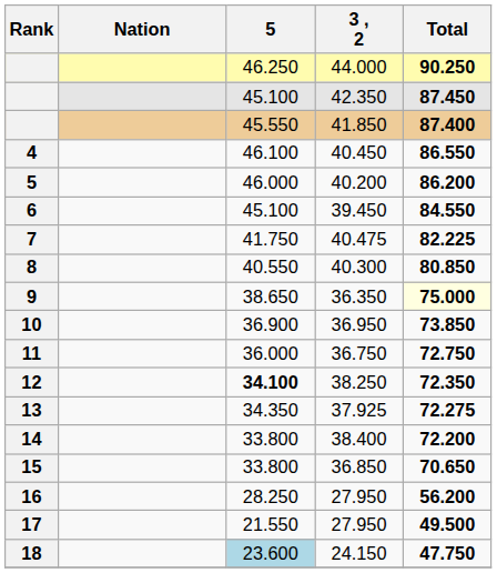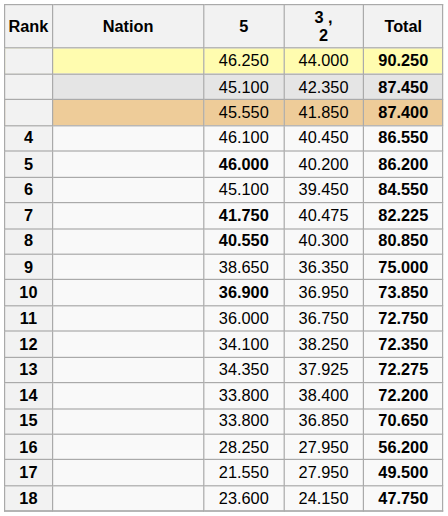 <table class="wikitable sortable" style="text-align:center; font-size:85%">
 <tr>
 <th scope="col" style="width:20px;">Rank</th>
 <th ! scope="col" style="width:120px;">Nation</th>
 <th ! scope="col" style="width:60px;" !>5 </th>
 <th ! scope="col" style="width:60px;">3 ,<br>2 </th>
 <th ! scope="col" style="width:60px;">Total</th>
 </tr>
 <tr bgcolor=fffcaf>
 <th scope=row></th>
 <td align=left></td>
 <td>46.250</td>
 <td>44.000</td>
 <td><strong>90.250</strong></td>
 </tr>
 <tr bgcolor=e5e5e5>
 <th scope=row></th>
 <td align=left></td>
 <td>45.100</td>
 <td>42.350</td>
 <td><strong>87.450</strong></td>
 </tr>
 <tr bgcolor=eecc99>
 <th scope=row></th>
 <td align=left></td>
 <td>45.550</td>
 <td>41.850</td>
 <td><strong>87.400</strong></td>
 </tr>
 <tr>
 <th scope=row>4</th>
 <td align=left></td>
 <td>46.100</td>
 <td>40.450</td>
 <td><strong>86.550</strong></td>
 </tr>
 <tr>
 <th scope=row>5</th>
 <td align=left></td>
-<td>46.000</td>
+<td><strong>46.000</strong></td>
 <td>40.200</td>
 <td><strong>86.200</strong></td>
 </tr>
 <tr>
 <th scope=row>6</th>
 <td align=left></td>
 <td>45.100</td>
 <td>39.450</td>
 <td><strong>84.550</strong></td>
 </tr>
 <tr>
 <th scope=row>7</th>
 <td align=left></td>
-<td>41.750</td>
+<td><strong>41.750</strong></td>
 <td>40.475</td>
 <td><strong>82.225</strong></td>
 </tr>
 <tr>
 <th scope=row>8</th>
 <td align=left></td>
-<td>40.550</td>
+<td><strong>40.550</strong></td>
 <td>40.300</td>
 <td><strong>80.850</strong></td>
 </tr>
 <tr>
 <th scope=row>9</th>
 <td align=left></td>
 <td>38.650</td>
 <td>36.350</td>
-<td style="background: lightyellow;"><strong>75.000</strong></td>
+<td><strong>75.000</strong></td>
 </tr>
 <tr>
 <th scope=row>10</th>
 <td align=left></td>
-<td>36.900</td>
+<td><strong>36.900</strong></td>
 <td>36.950</td>
 <td><strong>73.850</strong></td>
 </tr>
 <tr>
 <th scope=row>11</th>
 <td align=left></td>
 <td>36.000</td>
 <td>36.750</td>
 <td><strong>72.750</strong></td>
 </tr>
 <tr>
 <th scope=row>12</th>
 <td align=left></td>
-<td><strong>34.100</strong></td>
+<td>34.100</td>
 <td>38.250</td>
 <td><strong>72.350</strong></td>
 </tr>
 <tr>
 <th scope=row>13</th>
 <td align=left></td>
 <td>34.350</td>
 <td>37.925</td>
 <td><strong>72.275</strong></td>
 </tr>
 <tr>
 <th scope=row>14</th>
 <td align=left></td>
 <td>33.800</td>
 <td>38.400</td>
 <td><strong>72.200</strong></td>
 </tr>
 <tr>
 <th scope=row>15</th>
 <td align=left></td>
 <td>33.800</td>
 <td>36.850</td>
 <td><strong>70.650</strong></td>
 </tr>
 <tr>
 <th scope=row>16</th>
 <td align=left></td>
 <td>28.250</td>
 <td>27.950</td>
 <td><strong>56.200</strong></td>
 </tr>
 <tr>
 <th scope=row>17</th>
 <td align=left></td>
 <td>21.550</td>
 <td>27.950</td>
 <td><strong>49.500</strong></td>
 </tr>
 <tr>
 <th scope=row>18</th>
 <td align=left></td>
-<td style="background: lightblue;">23.600</td>
+<td>23.600</td>
 <td>24.150</td>
 <td><strong>47.750</strong></td>
 </tr>
 <tr>
 </tr>
 </table>
